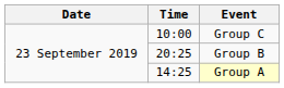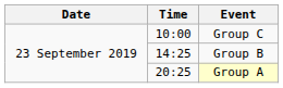 <table class = "wikitable" style="text-align:center;">
 <tr>
 <th width=150>Date</th>
 <th width=50>Time</th>
 <th width=80>Event</th>
 </tr>
 <tr>
 <td rowspan=3>23 September 2019</td>
 <td>10:00</td>
 <td>Group C</td>
 </tr>
 <tr>
-<td>20:25</td>
+<td>14:25</td>
 <td>Group B</td>
 </tr>
 <tr>
-<td>14:25</td>
+<td>20:25</td>
 <td bgcolor="ffffcc">Group A</td>
 </tr>
 </table>
